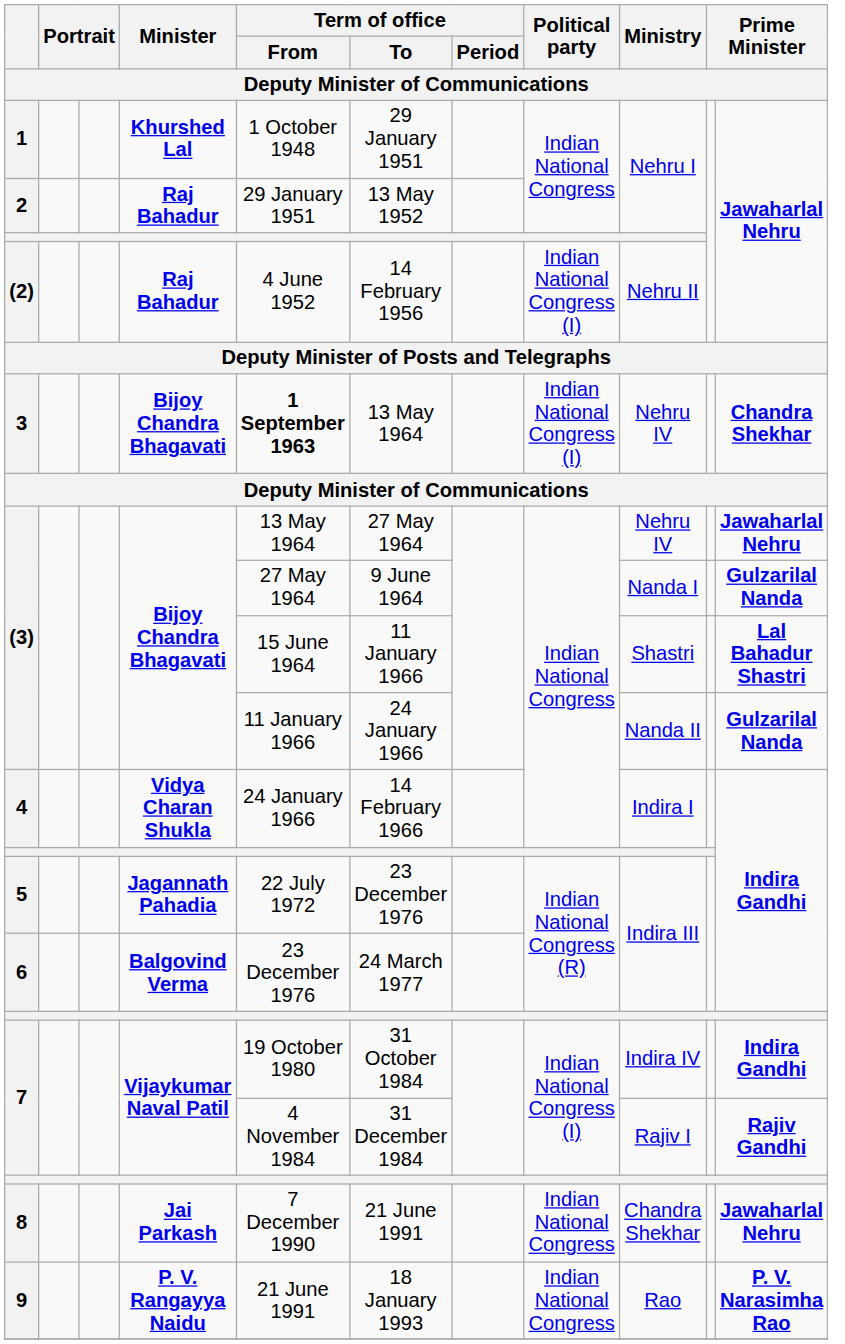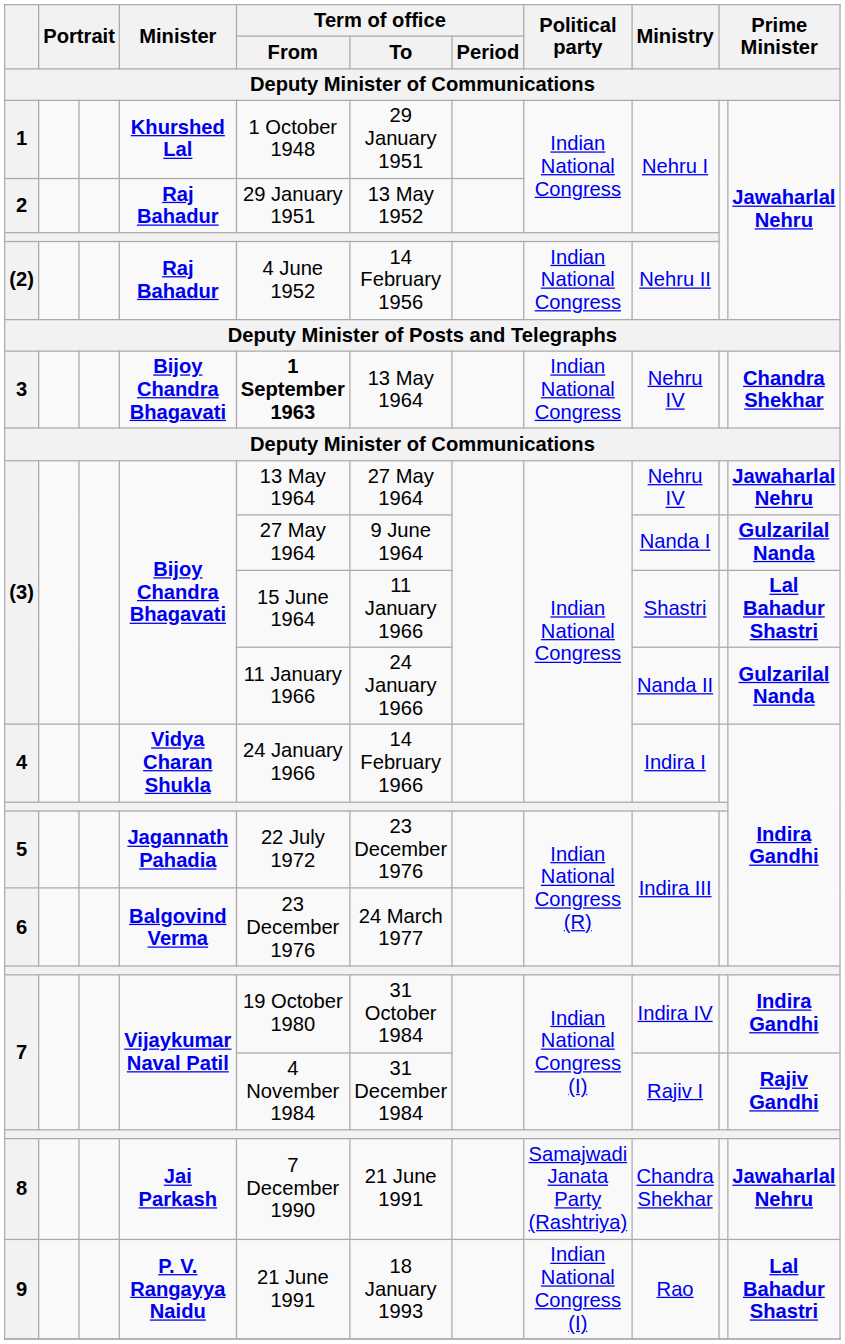 <table class="wikitable" style="text-align:center">
 <tr>
 <th rowspan="2"></th>
 <th rowspan="2" colspan="2">Portrait</th>
 <th rowspan="2" style="width:16em">Minister<br></th>
 <th colspan="3">Term of office</th>
 <th rowspan="2" style="width:8em">Political party</th>
 <th rowspan="2" style="width:6em">Ministry</th>
 <th rowspan="2" colspan="2">Prime Minister</th>
 </tr>
 <tr>
 <th style="width:8em">From</th>
 <th style="width:8em">To</th>
 <th style="width:6em">Period</th>
 </tr>
 <tr>
 <th colspan="11">Deputy Minister of Communications</th>
 </tr>
 <tr>
 <th>1</th>
 <td></td>
 <td></td>
 <td><strong><a href='#'>Khurshed Lal</a></strong><br></td>
 <td>1 October<br>1948</td>
 <td>29 January<br>1951</td>
 <td><strong></strong></td>
 <td rowspan="2"><a href='#'>Indian National Congress</a></td>
 <td rowspan="2"><a href='#'>Nehru I</a></td>
 <td rowspan="4"></td>
 <td rowspan="4"><strong><a href='#'>Jawaharlal Nehru</a></strong></td>
 </tr>
 <tr>
 <th>2</th>
 <td></td>
 <td></td>
 <td><strong><a href='#'>Raj Bahadur</a></strong><br></td>
 <td>29 January<br>1951</td>
 <td>13 May<br>1952</td>
 <td><strong></strong></td>
 </tr>
 <tr>
 <th colspan="9"></th>
 </tr>
 <tr>
 <th>(2)</th>
 <td></td>
 <td></td>
 <td><strong><a href='#'>Raj Bahadur</a></strong><br></td>
 <td>4 June<br>1952</td>
 <td>14 February<br>1956</td>
 <td><strong></strong></td>
-<td><a href='#'>Indian National Congress (I)</a></td>
+<td><a href='#'>Indian National Congress</a></td>
 <td><a href='#'>Nehru II</a></td>
 </tr>
 <tr>
 <th colspan="11">Deputy Minister of Posts and Telegraphs</th>
 </tr>
 <tr>
 <th>3</th>
 <td></td>
 <td></td>
 <td><strong><a href='#'>Bijoy Chandra Bhagavati</a></strong><br></td>
 <td><strong>1 September<br>1963</strong></td>
 <td>13 May<br>1964</td>
 <td><strong></strong></td>
-<td><a href='#'>Indian National Congress (I)</a></td>
+<td><a href='#'>Indian National Congress</a></td>
 <td><a href='#'>Nehru IV</a></td>
 <td></td>
 <td><strong><a href='#'>Chandra Shekhar</a></strong></td>
 </tr>
 <tr>
 <th colspan="11">Deputy Minister of Communications</th>
 </tr>
 <tr>
 <th rowspan="4">(3)</th>
 <td rowspan="4"></td>
 <td rowspan="4"></td>
 <td rowspan="4"><strong><a href='#'>Bijoy Chandra Bhagavati</a></strong><br></td>
 <td>13 May<br>1964</td>
 <td>27 May<br>1964</td>
 <td rowspan="4"><strong></strong></td>
 <td rowspan="5"><a href='#'>Indian National Congress</a></td>
 <td><a href='#'>Nehru IV</a></td>
 <td></td>
 <td><strong><a href='#'>Jawaharlal Nehru</a></strong></td>
 </tr>
 <tr>
 <td>27 May<br>1964</td>
 <td>9 June<br>1964</td>
 <td><a href='#'>Nanda I</a></td>
 <td></td>
 <td><strong><a href='#'>Gulzarilal Nanda</a></strong></td>
 </tr>
 <tr>
 <td>15 June<br>1964</td>
 <td>11 January<br>1966</td>
 <td><a href='#'>Shastri</a></td>
 <td></td>
 <td><strong><a href='#'>Lal Bahadur Shastri</a></strong></td>
 </tr>
 <tr>
 <td>11 January<br>1966</td>
 <td>24 January<br>1966</td>
 <td><a href='#'>Nanda II</a></td>
 <td></td>
 <td><strong><a href='#'>Gulzarilal Nanda</a></strong></td>
 </tr>
 <tr>
 <th>4</th>
 <td></td>
 <td></td>
 <td><strong><a href='#'>Vidya Charan Shukla</a></strong><br></td>
 <td>24 January<br>1966</td>
 <td>14 February<br>1966</td>
 <td><strong></strong></td>
 <td><a href='#'>Indira I</a></td>
 <td></td>
 <td rowspan="4" style="width:9em"><strong><a href='#'>Indira Gandhi</a></strong></td>
 </tr>
 <tr>
 <th colspan="10"></th>
 </tr>
 <tr>
 <th>5</th>
 <td></td>
 <td></td>
 <td><strong><a href='#'>Jagannath Pahadia</a></strong><br></td>
 <td>22 July<br>1972</td>
 <td>23 December<br>1976</td>
 <td><strong></strong></td>
 <td rowspan="2"><a href='#'>Indian National Congress (R)</a></td>
 <td rowspan="2"><a href='#'>Indira III</a></td>
 <td rowspan="2"></td>
 </tr>
 <tr>
 <th>6</th>
 <td></td>
 <td></td>
 <td><strong><a href='#'>Balgovind Verma</a></strong><br></td>
 <td>23 December<br>1976</td>
 <td>24 March<br>1977</td>
 <td><strong></strong></td>
 </tr>
 <tr>
 <th colspan="11"></th>
 </tr>
 <tr>
 <th rowspan="2">7</th>
 <td rowspan="2"></td>
 <td rowspan="2"></td>
 <td rowspan="2"><strong><a href='#'>Vijaykumar Naval Patil</a></strong><br></td>
 <td>19 October<br>1980</td>
 <td>31 October<br>1984</td>
 <td rowspan="2"><strong></strong></td>
 <td rowspan="2"><a href='#'>Indian National Congress (I)</a></td>
 <td><a href='#'>Indira IV</a></td>
 <td></td>
 <td><strong><a href='#'>Indira Gandhi</a></strong></td>
 </tr>
 <tr>
 <td>4 November<br>1984</td>
 <td>31 December<br>1984</td>
 <td><a href='#'>Rajiv I</a></td>
 <td></td>
 <td><strong><a href='#'>Rajiv Gandhi</a></strong></td>
 </tr>
 <tr>
 <th colspan="11"></th>
 </tr>
 <tr>
 <th>8</th>
 <td></td>
 <td></td>
 <td><strong><a href='#'>Jai Parkash</a></strong><br></td>
 <td>7 December<br>1990</td>
 <td>21 June<br>1991</td>
 <td><strong></strong></td>
-<td><a href='#'>Indian National Congress</a></td>
+<td><a href='#'>Samajwadi Janata Party (Rashtriya)</a></td>
 <td><a href='#'>Chandra Shekhar</a></td>
 <td></td>
 <td><strong><a href='#'>Jawaharlal Nehru</a></strong></td>
 </tr>
 <tr>
 <th>9</th>
 <td></td>
 <td></td>
 <td><strong><a href='#'>P. V. Rangayya Naidu</a></strong><br></td>
 <td>21 June<br>1991</td>
 <td>18 January<br>1993</td>
 <td><strong></strong></td>
-<td><a href='#'>Indian National Congress</a></td>
+<td><a href='#'>Indian National Congress (I)</a></td>
 <td><a href='#'>Rao</a></td>
 <td></td>
-<td><strong><a href='#'>P. V. Narasimha Rao</a></strong></td>
+<td><strong><a href='#'>Lal Bahadur Shastri</a></strong></td>
 </tr>
 <tr>
 </tr>
 </table>
